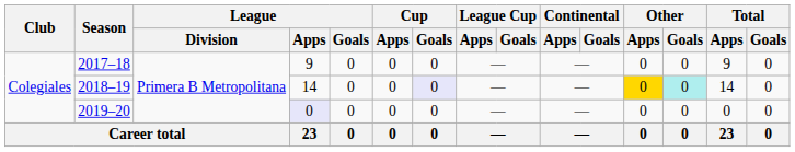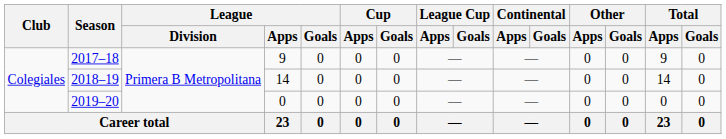 <table class="wikitable" style="text-align:center">
 <tr>
 <th rowspan="2">Club</th>
 <th rowspan="2">Season</th>
 <th colspan="3">League</th>
 <th colspan="2">Cup</th>
 <th colspan="2">League Cup</th>
 <th colspan="2">Continental</th>
 <th colspan="2">Other</th>
 <th colspan="2">Total</th>
 </tr>
 <tr>
 <th>Division</th>
 <th>Apps</th>
 <th>Goals</th>
 <th>Apps</th>
 <th>Goals</th>
 <th>Apps</th>
 <th>Goals</th>
 <th>Apps</th>
 <th>Goals</th>
 <th>Apps</th>
 <th>Goals</th>
 <th>Apps</th>
 <th>Goals</th>
 </tr>
 <tr>
 <td rowspan="3"><a href='#'>Colegiales</a></td>
 <td><a href='#'>2017–18</a></td>
 <td rowspan="3"><a href='#'>Primera B Metropolitana</a></td>
 <td>9</td>
 <td>0</td>
 <td>0</td>
 <td>0</td>
 <td colspan="2">—</td>
 <td colspan="2">—</td>
 <td>0</td>
 <td>0</td>
 <td>9</td>
 <td>0</td>
 </tr>
 <tr>
 <td><a href='#'>2018–19</a></td>
 <td>14</td>
 <td>0</td>
 <td>0</td>
-<td style="background: lavender;">0</td>
+<td>0</td>
 <td colspan="2">—</td>
 <td colspan="2">—</td>
-<td style="background: gold;">0</td>
-<td style="background: paleturquoise;">0</td>
+<td>0</td>
+<td>0</td>
 <td>14</td>
 <td>0</td>
 </tr>
 <tr>
 <td><a href='#'>2019–20</a></td>
-<td style="background: lavender;">0</td>
+<td>0</td>
 <td>0</td>
 <td>0</td>
 <td>0</td>
 <td colspan="2">—</td>
 <td colspan="2">—</td>
 <td>0</td>
 <td>0</td>
 <td>0</td>
 <td>0</td>
 </tr>
 <tr>
 <th colspan="3">Career total</th>
 <th>23</th>
 <th>0</th>
 <th>0</th>
 <th>0</th>
 <th colspan="2">—</th>
 <th colspan="2">—</th>
 <th>0</th>
 <th>0</th>
 <th>23</th>
 <th>0</th>
 </tr>
 </table>
